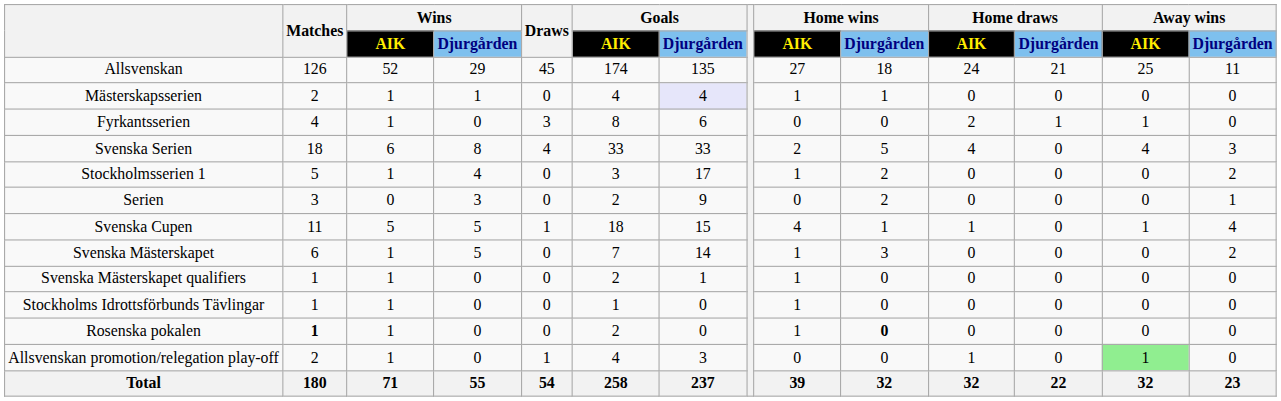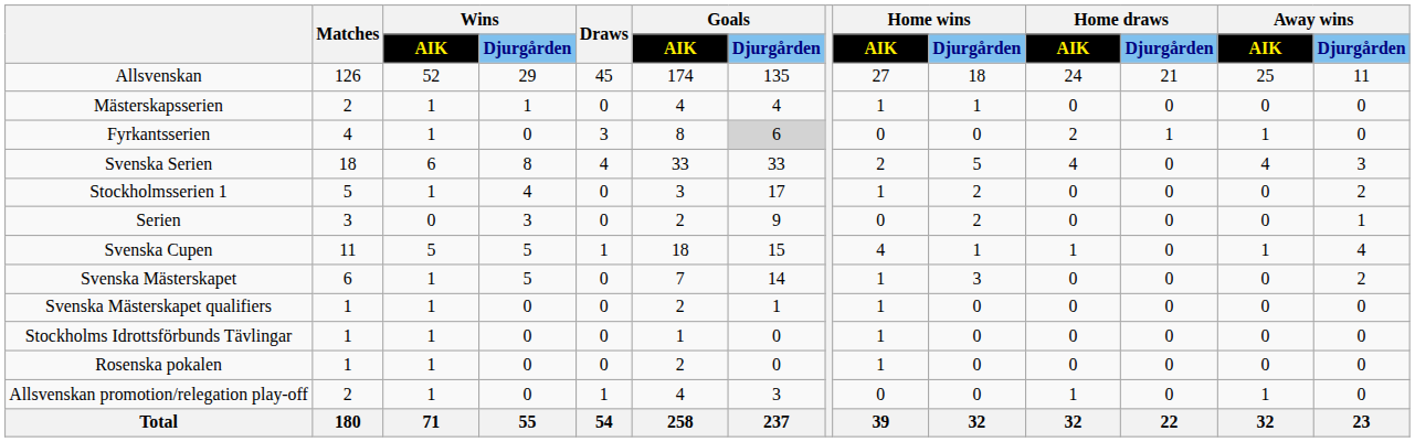 <table class="wikitable" style="font-size:90%; text-align: center">
 <tr>
 <th rowspan="2"></th>
 <th rowspan="2">Matches</th>
 <th colspan="2">Wins</th>
 <th rowspan="2">Draws</th>
 <th colspan="2">Goals</th>
 <th rowspan="15"></th>
 <th colspan="2">Home wins</th>
 <th colspan="2">Home draws</th>
 <th colspan="2">Away wins</th>
 </tr>
 <tr>
 <th style="color:#fe0; background:black; width:5em">AIK</th>
 <th style="color:#000080; background:#7EC0EE;">Djurgården</th>
 <th style="color:#fe0; background:black; width:5em">AIK</th>
 <th style="color:#000080; background:#7EC0EE;">Djurgården</th>
 <th style="color:#fe0; background:black; width:5em">AIK</th>
 <th style="color:#000080; background:#7EC0EE;">Djurgården</th>
 <th style="color:#fe0; background:black; width:5em">AIK</th>
 <th style="color:#000080; background:#7EC0EE;">Djurgården</th>
 <th style="color:#fe0; background:black; width:5em">AIK</th>
 <th style="color:#000080; background:#7EC0EE;">Djurgården</th>
 </tr>
 <tr>
 <td>Allsvenskan</td>
 <td>126</td>
 <td>52</td>
 <td>29</td>
 <td>45</td>
 <td>174</td>
 <td>135</td>
 <td>27</td>
 <td>18</td>
 <td>24</td>
 <td>21</td>
 <td>25</td>
 <td>11</td>
 </tr>
 <tr>
 <td>Mästerskapsserien</td>
 <td>2</td>
 <td>1</td>
 <td>1</td>
 <td>0</td>
 <td>4</td>
-<td style="background: lavender;">4</td>
+<td>4</td>
 <td>1</td>
 <td>1</td>
 <td>0</td>
 <td>0</td>
 <td>0</td>
 <td>0</td>
 </tr>
 <tr>
 <td>Fyrkantsserien</td>
 <td>4</td>
 <td>1</td>
 <td>0</td>
 <td>3</td>
 <td>8</td>
-<td>6</td>
+<td style="background: lightgrey;">6</td>
 <td>0</td>
 <td>0</td>
 <td>2</td>
 <td>1</td>
 <td>1</td>
 <td>0</td>
 </tr>
 <tr>
 <td>Svenska Serien</td>
 <td>18</td>
 <td>6</td>
 <td>8</td>
 <td>4</td>
 <td>33</td>
 <td>33</td>
 <td>2</td>
 <td>5</td>
 <td>4</td>
 <td>0</td>
 <td>4</td>
 <td>3</td>
 </tr>
 <tr>
 <td>Stockholmsserien 1</td>
 <td>5</td>
 <td>1</td>
 <td>4</td>
 <td>0</td>
 <td>3</td>
 <td>17</td>
 <td>1</td>
 <td>2</td>
 <td>0</td>
 <td>0</td>
 <td>0</td>
 <td>2</td>
 </tr>
 <tr>
 <td>Serien</td>
 <td>3</td>
 <td>0</td>
 <td>3</td>
 <td>0</td>
 <td>2</td>
 <td>9</td>
 <td>0</td>
 <td>2</td>
 <td>0</td>
 <td>0</td>
 <td>0</td>
 <td>1</td>
 </tr>
 <tr>
 <td>Svenska Cupen</td>
 <td>11</td>
 <td>5</td>
 <td>5</td>
 <td>1</td>
 <td>18</td>
 <td>15</td>
 <td>4</td>
 <td>1</td>
 <td>1</td>
 <td>0</td>
 <td>1</td>
 <td>4</td>
 </tr>
 <tr>
 <td>Svenska Mästerskapet</td>
 <td>6</td>
 <td>1</td>
 <td>5</td>
 <td>0</td>
 <td>7</td>
 <td>14</td>
 <td>1</td>
 <td>3</td>
 <td>0</td>
 <td>0</td>
 <td>0</td>
 <td>2</td>
 </tr>
 <tr>
 <td>Svenska Mästerskapet qualifiers</td>
 <td>1</td>
 <td>1</td>
 <td>0</td>
 <td>0</td>
 <td>2</td>
 <td>1</td>
 <td>1</td>
 <td>0</td>
 <td>0</td>
 <td>0</td>
 <td>0</td>
 <td>0</td>
 </tr>
 <tr>
 <td>Stockholms Idrottsförbunds Tävlingar</td>
 <td>1</td>
 <td>1</td>
 <td>0</td>
 <td>0</td>
 <td>1</td>
 <td>0</td>
 <td>1</td>
 <td>0</td>
 <td>0</td>
 <td>0</td>
 <td>0</td>
 <td>0</td>
 </tr>
 <tr>
 <td>Rosenska pokalen</td>
-<td><strong>1</strong></td>
+<td>1</td>
 <td>1</td>
 <td>0</td>
 <td>0</td>
 <td>2</td>
 <td>0</td>
 <td>1</td>
-<td><strong>0</strong></td>
+<td>0</td>
 <td>0</td>
 <td>0</td>
 <td>0</td>
 <td>0</td>
 </tr>
 <tr>
 <td>Allsvenskan promotion/relegation play-off</td>
 <td>2</td>
 <td>1</td>
 <td>0</td>
 <td>1</td>
 <td>4</td>
 <td>3</td>
 <td>0</td>
 <td>0</td>
 <td>1</td>
 <td>0</td>
-<td style="background: lightgreen;">1</td>
+<td>1</td>
 <td>0</td>
 </tr>
 <tr>
 <th>Total</th>
 <th>180</th>
 <th>71</th>
 <th>55</th>
 <th>54</th>
 <th>258</th>
 <th>237</th>
 <th>39</th>
 <th>32</th>
 <th>32</th>
 <th>22</th>
 <th>32</th>
 <th>23</th>
 </tr>
 </table>
